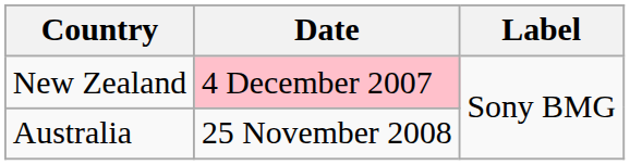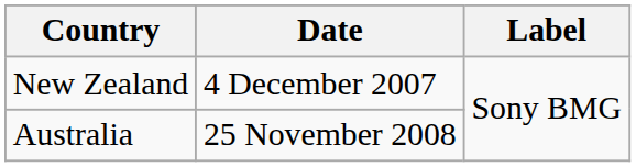 <table class="wikitable">
 <tr>
 <th>Country</th>
 <th>Date</th>
 <th>Label</th>
 </tr>
 <tr>
 <td>New Zealand</td>
-<td style="background: pink;">4 December 2007</td>
+<td>4 December 2007</td>
 <td rowspan="2">Sony BMG</td>
 </tr>
 <tr>
 <td>Australia</td>
 <td>25 November 2008</td>
 </tr>
 </table>
